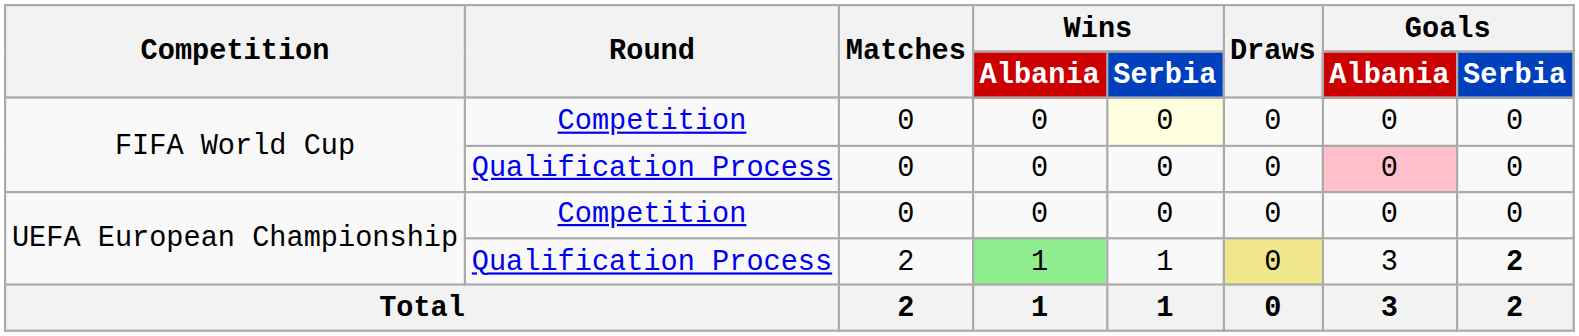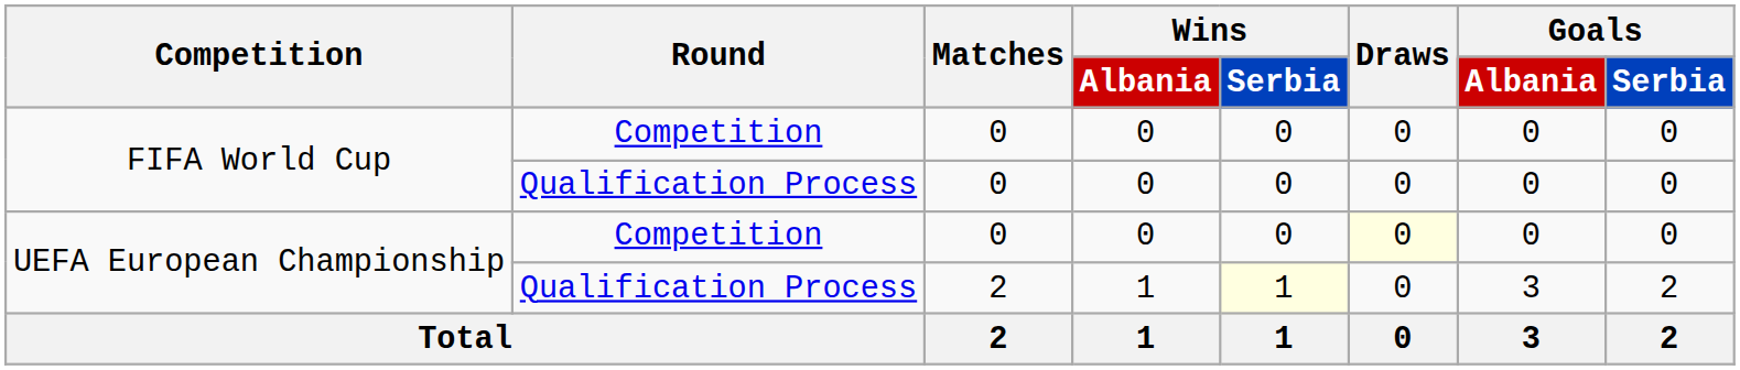 <table class="wikitable" style="text-align:center;">
 <tr>
 <th rowspan="2">Competition</th>
 <th rowspan="2">Round</th>
 <th rowspan="2">Matches</th>
 <th colspan="2">Wins</th>
 <th rowspan="2">Draws</th>
 <th colspan="2">Goals</th>
 </tr>
 <tr>
 <th style="color:#FFFFFF; background-color:#CC0001;">Albania</th>
 <th style="color:white; background-color:#0040BC;">Serbia</th>
 <th style="color:#FFFFFF; background-color:#CC0001;">Albania</th>
 <th style="color:white; background-color:#0040BC;">Serbia</th>
 </tr>
 <tr>
 <td rowspan="2">FIFA World Cup</td>
 <td><a href='#'>Competition</a></td>
 <td>0</td>
 <td>0</td>
-<td style="background: lightyellow;">0</td>
+<td>0</td>
 <td>0</td>
 <td>0</td>
 <td>0</td>
 </tr>
 <tr>
 <td><a href='#'>Qualification Process</a></td>
 <td>0</td>
 <td>0</td>
 <td>0</td>
 <td>0</td>
-<td style="background: pink;">0</td>
+<td>0</td>
 <td>0</td>
 </tr>
 <tr>
 <td rowspan="2">UEFA European Championship</td>
 <td><a href='#'>Competition</a></td>
 <td>0</td>
 <td>0</td>
 <td>0</td>
-<td>0</td>
+<td style="background: lightyellow;">0</td>
 <td>0</td>
 <td>0</td>
 </tr>
 <tr>
 <td><a href='#'>Qualification Process</a></td>
 <td>2</td>
-<td style="background: lightgreen;">1</td>
 <td>1</td>
-<td style="background: khaki;">0</td>
+<td style="background: lightyellow;">1</td>
+<td>0</td>
 <td>3</td>
-<td><strong>2</strong></td>
+<td>2</td>
 </tr>
 <tr>
 <th colspan="2">Total</th>
 <th>2</th>
 <th>1</th>
 <th>1</th>
 <th>0</th>
 <th>3</th>
 <th>2</th>
 </tr>
 </table>
